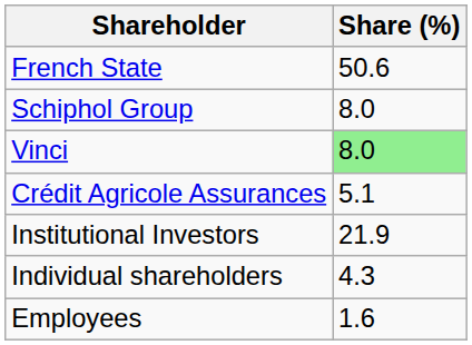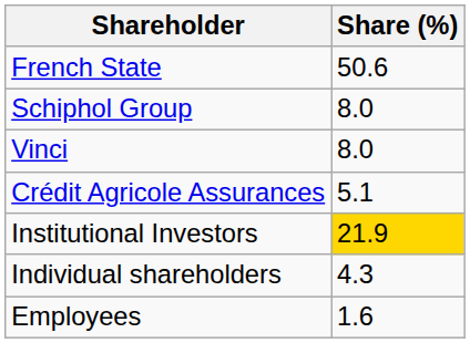 <table class="wikitable">
 <tr>
 <th>Shareholder</th>
 <th>Share (%)</th>
 </tr>
 <tr>
 <td><a href='#'>French State</a></td>
 <td>50.6</td>
 </tr>
 <tr>
 <td><a href='#'>Schiphol Group</a></td>
 <td>8.0</td>
 </tr>
 <tr>
 <td><a href='#'>Vinci</a></td>
-<td style="background: lightgreen;">8.0</td>
+<td>8.0</td>
 </tr>
 <tr>
 <td><a href='#'>Crédit Agricole Assurances</a></td>
 <td>5.1</td>
 </tr>
 <tr>
 <td>Institutional Investors</td>
-<td>21.9</td>
+<td style="background: gold;">21.9</td>
 </tr>
 <tr>
 <td>Individual shareholders</td>
 <td>4.3</td>
 </tr>
 <tr>
 <td>Employees</td>
 <td>1.6</td>
 </tr>
 </table>
